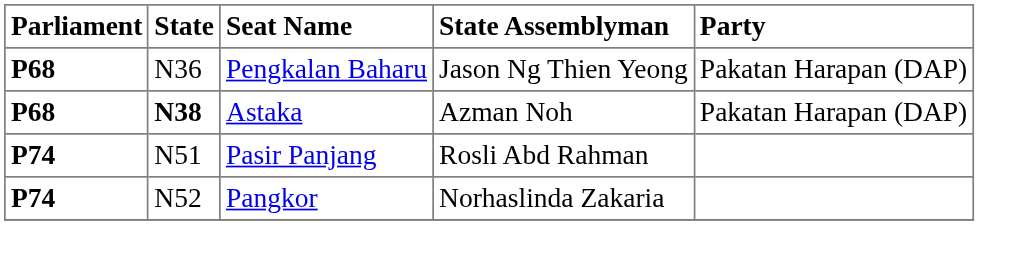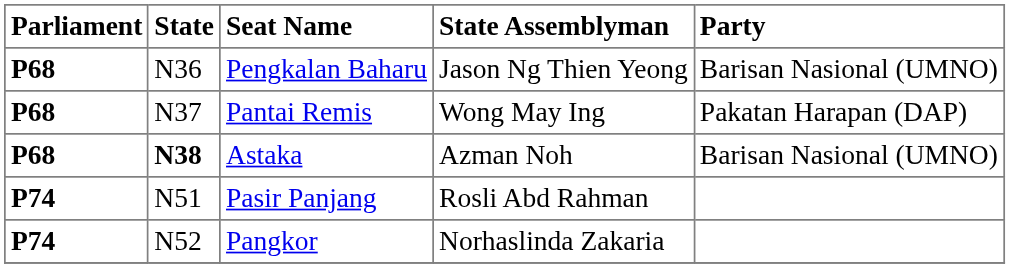 <table class="toccolours sortable" border="1" cellpadding="3" style="border-collapse:collapse; text-align: left;">
 <tr>
 <th align="center">Parliament</th>
 <th>State</th>
 <th>Seat Name</th>
 <th>State Assemblyman</th>
 <th>Party</th>
 </tr>
 <tr>
 <th align="left">P68</th>
 <td>N36</td>
 <td><a href='#'>Pengkalan Baharu</a></td>
 <td>Jason Ng Thien Yeong</td>
+<td>Barisan Nasional (UMNO)</td>
+</tr>
+<tr>
+<th align="left">P68</th>
+<td>N37</td>
+<td><a href='#'>Pantai Remis</a></td>
+<td>Wong May Ing</td>
 <td>Pakatan Harapan (DAP)</td>
 </tr>
 <tr>
 <th align="left">P68</th>
 <td><strong>N38</strong></td>
 <td><a href='#'>Astaka</a></td>
 <td>Azman Noh</td>
-<td>Pakatan Harapan (DAP)</td>
+<td>Barisan Nasional (UMNO)</td>
 </tr>
 <tr>
 <th align="left">P74</th>
 <td>N51</td>
 <td><a href='#'>Pasir Panjang</a></td>
 <td>Rosli Abd Rahman</td>
 <td></td>
 </tr>
 <tr>
 <th align="left">P74</th>
 <td>N52</td>
 <td><a href='#'>Pangkor</a></td>
 <td>Norhaslinda Zakaria</td>
 <td></td>
 </tr>
 <tr>
 </tr>
 </table>
